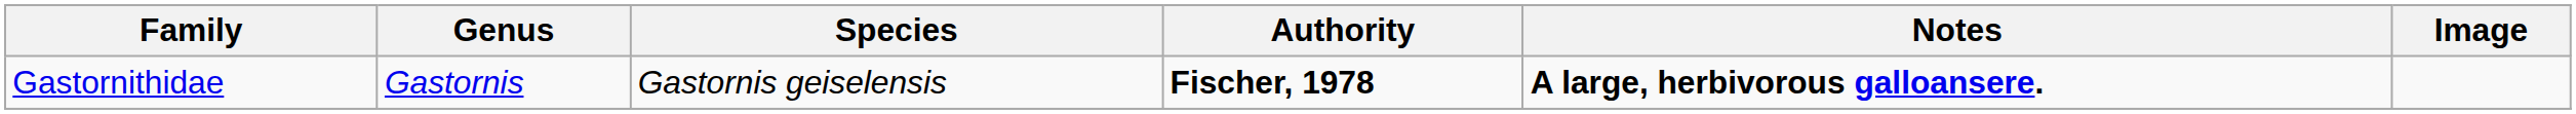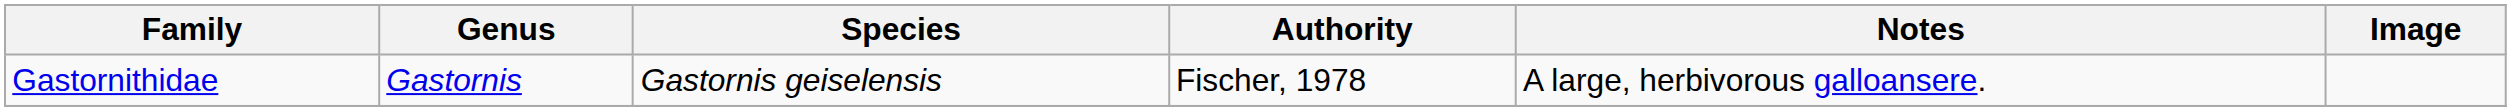 <table class="wikitable" align="center" width="100%">
 <tr>
 <th>Family</th>
 <th>Genus</th>
 <th>Species</th>
 <th>Authority</th>
 <th>Notes</th>
 <th>Image</th>
 </tr>
 <tr>
 <td><a href='#'>Gastornithidae</a></td>
 <td><em><a href='#'>Gastornis</a></em></td>
 <td><em>Gastornis geiselensis</em></td>
-<td><strong>Fischer, 1978</strong></td>
-<td><strong>A large, herbivorous <a href='#'>galloansere</a>.</strong></td>
+<td>Fischer, 1978</td>
+<td>A large, herbivorous <a href='#'>galloansere</a>.</td>
 <td></td>
 </tr>
 <tr>
 </tr>
 </table>
